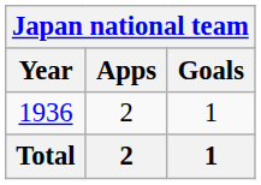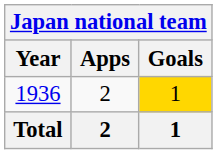 <table class="wikitable" style="text-align:center">
 <tr>
 <th colspan=3><a href='#'>Japan national team</a></th>
 </tr>
 <tr>
 <th>Year</th>
 <th>Apps</th>
 <th>Goals</th>
 </tr>
 <tr>
 <td><a href='#'>1936</a></td>
 <td>2</td>
-<td>1</td>
+<td style="background: gold;">1</td>
 </tr>
 <tr>
 <th>Total</th>
 <th>2</th>
 <th>1</th>
 </tr>
 </table>
